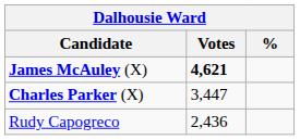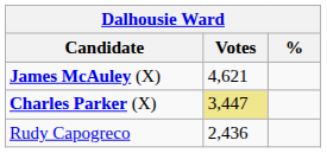 <table class="wikitable">
 <tr>
 <th colspan="3"><a href='#'>Dalhousie Ward</a></th>
 </tr>
 <tr>
 <th style="width: 170px">Candidate</th>
 <th style="width: 50px">Votes</th>
 <th style="width: 40px">%</th>
 </tr>
 <tr>
 <td><strong><a href='#'>James McAuley</a></strong> (X)</td>
-<td><strong>4,621</strong></td>
+<td>4,621</td>
 <td></td>
 </tr>
 <tr>
 <td><strong><a href='#'>Charles Parker</a></strong> (X)</td>
-<td>3,447</td>
+<td style="background: khaki;">3,447</td>
 <td></td>
 </tr>
 <tr>
 <td><a href='#'>Rudy Capogreco</a></td>
 <td>2,436</td>
 <td></td>
 </tr>
 </table>
